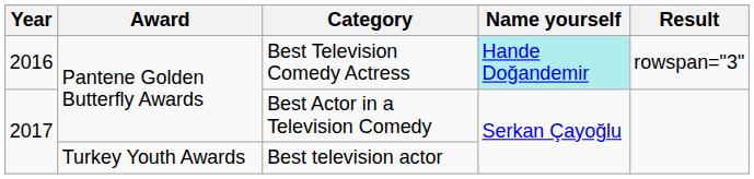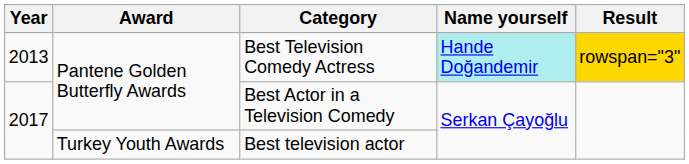 <table class="wikitable">
 <tr>
 <th>Year</th>
 <th>Award</th>
 <th>Category</th>
 <th>Name yourself</th>
 <th>Result</th>
 </tr>
 <tr>
-<td>2016</td>
+<td>2013</td>
 <td rowspan="2">Pantene Golden Butterfly Awards</td>
 <td>Best Television Comedy Actress</td>
 <td style="background: paleturquoise;"><a href='#'>Hande Doğandemir</a></td>
-<td>rowspan="3" </td>
+<td style="background: gold;">rowspan="3" </td>
 </tr>
 <tr>
 <td rowspan="2">2017</td>
 <td>Best Actor in a Television Comedy</td>
 <td rowspan="2"><a href='#'>Serkan Çayoğlu</a></td>
 </tr>
 <tr>
 <td>Turkey Youth Awards</td>
 <td>Best television actor</td>
 </tr>
 </table>
